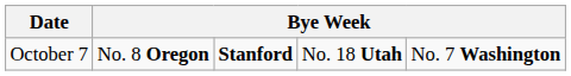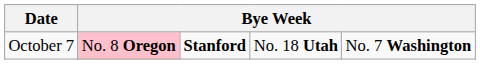 <table class="wikitable" style="font-size:95%;">
 <tr>
 <th>Date</th>
 <th colspan="4">Bye Week</th>
 </tr>
 <tr>
 <td>October 7</td>
-<td>No. 8 <strong>Oregon</strong></td>
+<td style="background: pink;">No. 8 <strong>Oregon</strong></td>
 <td><strong>Stanford</strong></td>
 <td>No. 18 <strong>Utah</strong></td>
 <td>No. 7 <strong>Washington</strong></td>
 </tr>
 </table>
